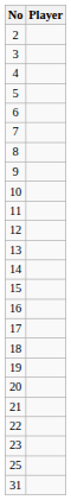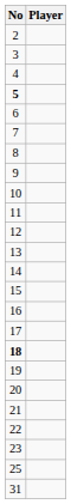 <table class="wikitable sortable" style="text-align:center;">
 <tr>
 <th><strong>No</strong></th>
 <th><strong>Player</strong></th>
 </tr>
 <tr>
 <td>2</td>
 <td align=left></td>
 </tr>
 <tr>
 <td>3</td>
 <td align=left></td>
 </tr>
 <tr>
 <td>4</td>
 <td align=left></td>
 </tr>
 <tr>
-<td>5</td>
+<td><strong>5</strong></td>
 <td align=left></td>
 </tr>
 <tr>
 <td>6</td>
 <td align=left></td>
 </tr>
 <tr>
 <td>7</td>
 <td align=left></td>
 </tr>
 <tr>
 <td>8</td>
 <td align=left></td>
 </tr>
 <tr>
 <td>9</td>
 <td align=left></td>
 </tr>
 <tr>
 <td>10</td>
 <td align=left></td>
 </tr>
 <tr>
 <td>11</td>
 <td align=left></td>
 </tr>
 <tr>
 <td>12</td>
 <td align=left></td>
 </tr>
 <tr>
 <td>13</td>
 <td align=left></td>
 </tr>
 <tr>
 <td>14</td>
 <td align=left></td>
 </tr>
 <tr>
 <td>15</td>
 <td align=left></td>
 </tr>
 <tr>
 <td>16</td>
 <td align=left></td>
 </tr>
 <tr>
 <td>17</td>
 <td align=left></td>
 </tr>
 <tr>
-<td>18</td>
+<td><strong>18</strong></td>
 <td align=left></td>
 </tr>
 <tr>
 <td>19</td>
 <td align=left></td>
 </tr>
 <tr>
 <td>20</td>
 <td align=left></td>
 </tr>
 <tr>
 <td>21</td>
 <td align=left></td>
 </tr>
 <tr>
 <td>22</td>
 <td align=left></td>
 </tr>
 <tr>
 <td>23</td>
 <td align=left></td>
 </tr>
 <tr>
 <td>25</td>
 <td align=left></td>
 </tr>
 <tr>
 <td>31</td>
 <td align=left></td>
 </tr>
 </table>
